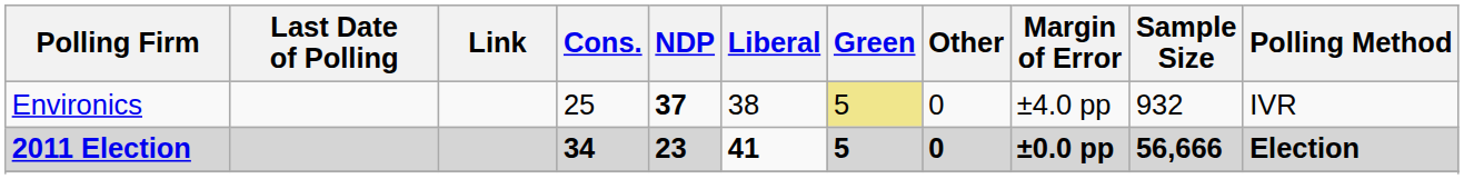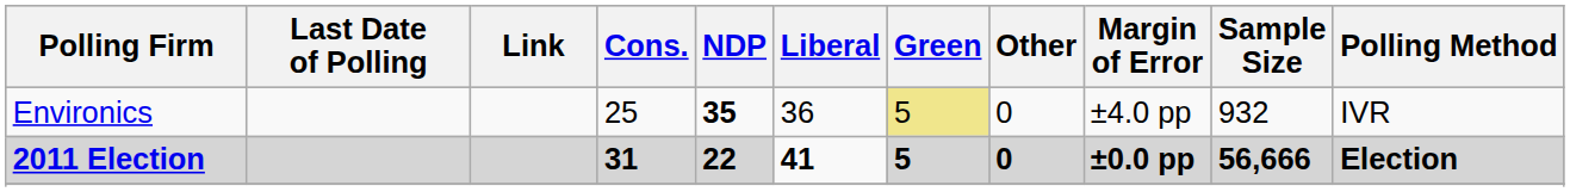 <table class="wikitable sortable">
 <tr style="background:#e9e9e9;">
 <th style="width:120px">Polling Firm</th>
 <th style="width:110px">Last Date<br>of Polling</th>
 <th style="width:60px" class="unsortable">Link</th>
 <th style="background-color:"><strong><a href='#'>Cons.</a></strong></th>
 <th style="background-color:"><strong><a href='#'>NDP</a></strong></th>
 <th style="background-color:"><strong><a href='#'>Liberal</a></strong></th>
 <th style="background-color:"><strong><a href='#'>Green</a></strong></th>
 <th style="background-color:"><strong>Other</strong></th>
 <th style="width:60px;" class=unsortable>Margin<br>of Error</th>
 <th style="width:50px;" class=unsortable>Sample<br>Size</th>
 <th class=unsortable>Polling Method</th>
 </tr>
 <tr>
 <td><a href='#'>Environics</a></td>
 <td></td>
 <td></td>
 <td>25</td>
-<td><strong>37</strong></td>
-<td>38</td>
+<td><strong>35</strong></td>
+<td>36</td>
 <td style="background: khaki;">5</td>
 <td>0</td>
 <td>±4.0 pp</td>
 <td>932</td>
 <td>IVR</td>
 </tr>
 <tr>
 <td style="background:#D5D5D5"><strong><a href='#'>2011 Election</a></strong></td>
 <td style="background:#D5D5D5"><strong></strong></td>
 <td style="background:#D5D5D5"></td>
-<td style="background:#D5D5D5"><strong>34</strong></td>
-<td style="background:#D5D5D5"><strong>23</strong></td>
+<td style="background:#D5D5D5"><strong>31</strong></td>
+<td style="background:#D5D5D5"><strong>22</strong></td>
 <td><strong>41</strong></td>
 <td style="background:#D5D5D5"><strong>5</strong></td>
 <td style="background:#D5D5D5"><strong>0</strong></td>
 <td style="background:#D5D5D5"><strong>±0.0 pp</strong></td>
 <td style="background:#D5D5D5"><strong>56,666</strong></td>
 <td style="background:#D5D5D5"><strong>Election</strong></td>
 </tr>
 <tr>
 </tr>
 <tr>
 </tr>
 </table>
